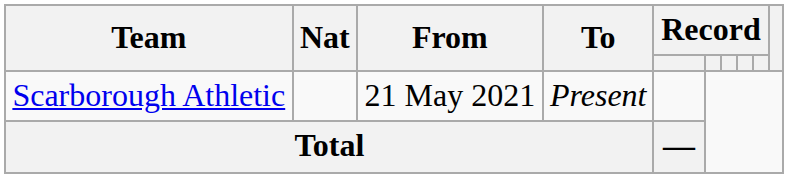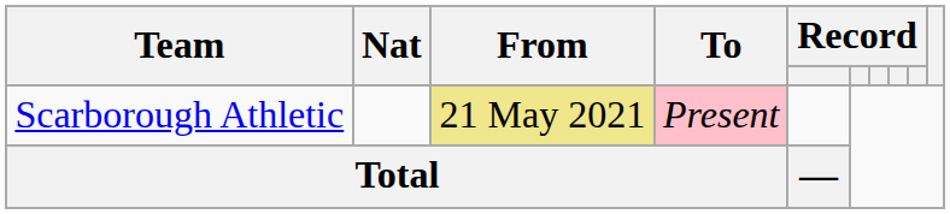 <table class="wikitable" style="text-align: center">
 <tr>
 <th rowspan="2">Team</th>
 <th rowspan="2">Nat</th>
 <th rowspan="2">From</th>
 <th rowspan="2">To</th>
 <th colspan="5">Record</th>
 <th rowspan=2></th>
 </tr>
 <tr>
 <th></th>
 <th></th>
 <th></th>
 <th></th>
 <th></th>
 </tr>
 <tr>
 <td align=left><a href='#'>Scarborough Athletic</a></td>
 <td></td>
-<td align=left>21 May 2021</td>
-<td align=left><em>Present</em><br></td>
+<td align=left style="background: khaki;">21 May 2021</td>
+<td align=left style="background: pink;"><em>Present</em><br></td>
 <td></td>
 </tr>
 <tr>
 <th colspan="4">Total<br></th>
 <th>—</th>
 </tr>
 </table>
